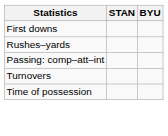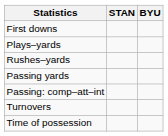 <table class="wikitable" style="float:left">
 <tr>
 <th>Statistics</th>
 <th>STAN</th>
 <th>BYU</th>
 </tr>
 <tr>
 <td>First downs</td>
 <td></td>
 <td></td>
 </tr>
 <tr>
+<td>Plays–yards</td>
+<td></td>
+<td></td>
+</tr>
+<tr>
 <td>Rushes–yards</td>
+<td></td>
+<td></td>
+</tr>
+<tr>
+<td>Passing yards</td>
 <td></td>
 <td></td>
 </tr>
 <tr>
 <td>Passing: comp–att–int</td>
 <td></td>
 <td></td>
 </tr>
 <tr>
 <td>Turnovers</td>
 <td></td>
 <td></td>
 </tr>
 <tr>
 <td>Time of possession</td>
 <td></td>
 <td></td>
 </tr>
 </table>
